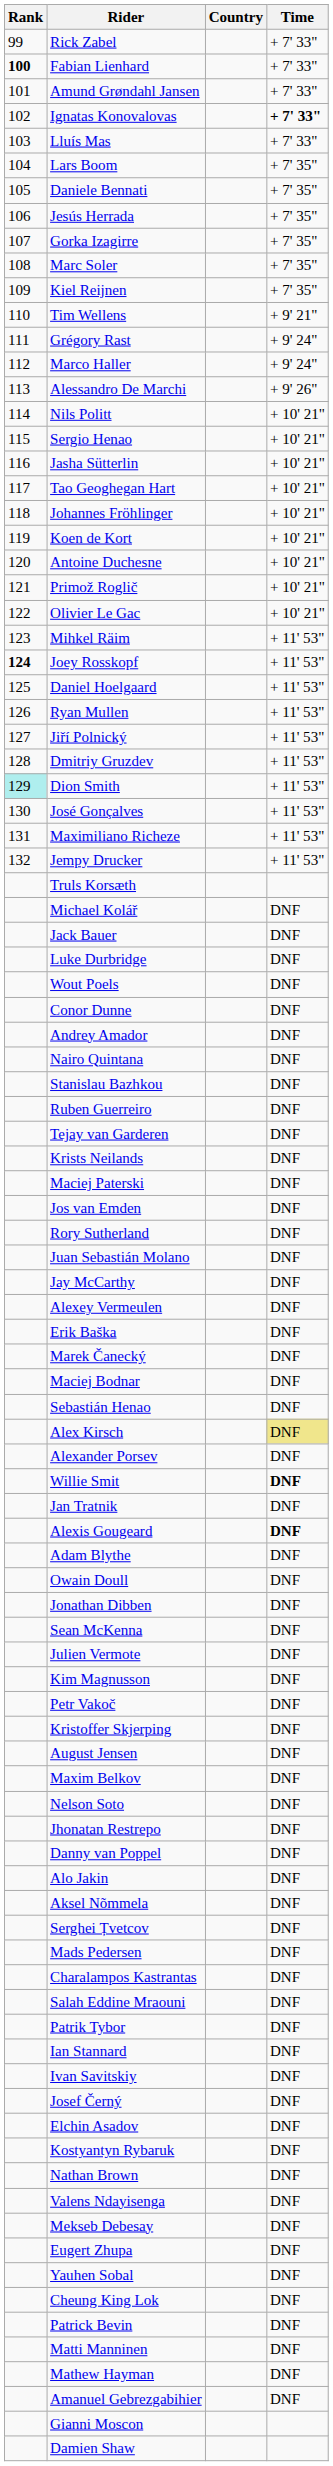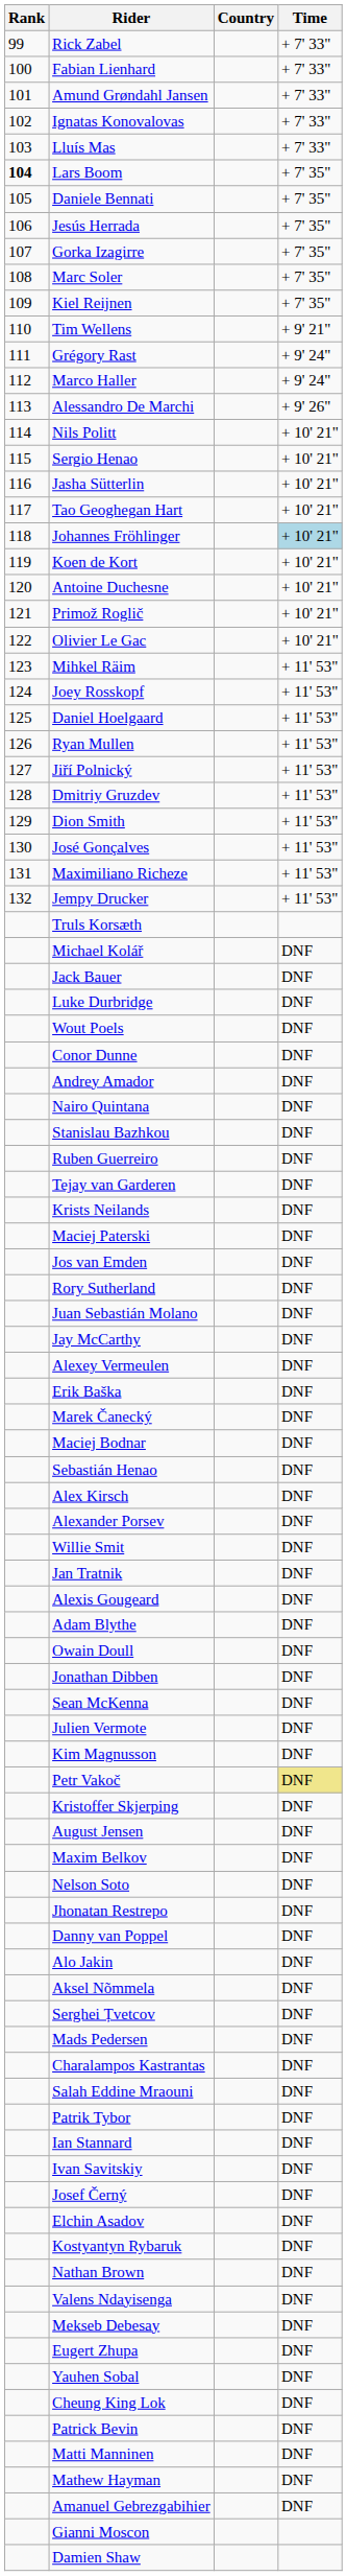 <table class="wikitable" style="font-size:95%; text-align:left;">
 <tr>
 <th>Rank</th>
 <th>Rider</th>
 <th>Country</th>
 <th>Time</th>
 </tr>
 <tr>
 <td>99</td>
 <td><a href='#'>Rick Zabel</a></td>
 <td></td>
 <td>+ 7' 33"</td>
 </tr>
 <tr>
-<td><strong>100</strong></td>
+<td>100</td>
 <td><a href='#'>Fabian Lienhard</a></td>
 <td></td>
 <td>+ 7' 33"</td>
 </tr>
 <tr>
 <td>101</td>
 <td><a href='#'>Amund Grøndahl Jansen</a></td>
 <td></td>
 <td>+ 7' 33"</td>
 </tr>
 <tr>
 <td>102</td>
 <td><a href='#'>Ignatas Konovalovas</a></td>
 <td></td>
-<td><strong>+ 7' 33"</strong></td>
+<td>+ 7' 33"</td>
 </tr>
 <tr>
 <td>103</td>
 <td><a href='#'>Lluís Mas</a></td>
 <td></td>
 <td>+ 7' 33"</td>
 </tr>
 <tr>
-<td>104</td>
+<td><strong>104</strong></td>
 <td><a href='#'>Lars Boom</a></td>
 <td></td>
 <td>+ 7' 35"</td>
 </tr>
 <tr>
 <td>105</td>
 <td><a href='#'>Daniele Bennati</a></td>
 <td></td>
 <td>+ 7' 35"</td>
 </tr>
 <tr>
 <td>106</td>
 <td><a href='#'>Jesús Herrada</a></td>
 <td></td>
 <td>+ 7' 35"</td>
 </tr>
 <tr>
 <td>107</td>
 <td><a href='#'>Gorka Izagirre</a></td>
 <td></td>
 <td>+ 7' 35"</td>
 </tr>
 <tr>
 <td>108</td>
 <td><a href='#'>Marc Soler</a></td>
 <td></td>
 <td>+ 7' 35"</td>
 </tr>
 <tr>
 <td>109</td>
 <td><a href='#'>Kiel Reijnen</a></td>
 <td></td>
 <td>+ 7' 35"</td>
 </tr>
 <tr>
 <td>110</td>
 <td><a href='#'>Tim Wellens</a></td>
 <td></td>
 <td>+ 9' 21"</td>
 </tr>
 <tr>
 <td>111</td>
 <td><a href='#'>Grégory Rast</a></td>
 <td></td>
 <td>+ 9' 24"</td>
 </tr>
 <tr>
 <td>112</td>
 <td><a href='#'>Marco Haller</a></td>
 <td></td>
 <td>+ 9' 24"</td>
 </tr>
 <tr>
 <td>113</td>
 <td><a href='#'>Alessandro De Marchi</a></td>
 <td></td>
 <td>+ 9' 26"</td>
 </tr>
 <tr>
 <td>114</td>
 <td><a href='#'>Nils Politt</a></td>
 <td></td>
 <td>+ 10' 21"</td>
 </tr>
 <tr>
 <td>115</td>
 <td><a href='#'>Sergio Henao</a></td>
 <td></td>
 <td>+ 10' 21"</td>
 </tr>
 <tr>
 <td>116</td>
 <td><a href='#'>Jasha Sütterlin</a></td>
 <td></td>
 <td>+ 10' 21"</td>
 </tr>
 <tr>
 <td>117</td>
 <td><a href='#'>Tao Geoghegan Hart</a></td>
 <td></td>
 <td>+ 10' 21"</td>
 </tr>
 <tr>
 <td>118</td>
 <td><a href='#'>Johannes Fröhlinger</a></td>
 <td></td>
-<td>+ 10' 21"</td>
+<td style="background: lightblue;">+ 10' 21"</td>
 </tr>
 <tr>
 <td>119</td>
 <td><a href='#'>Koen de Kort</a></td>
 <td></td>
 <td>+ 10' 21"</td>
 </tr>
 <tr>
 <td>120</td>
 <td><a href='#'>Antoine Duchesne</a></td>
 <td></td>
 <td>+ 10' 21"</td>
 </tr>
 <tr>
 <td>121</td>
 <td><a href='#'>Primož Roglič</a></td>
 <td></td>
 <td>+ 10' 21"</td>
 </tr>
 <tr>
 <td>122</td>
 <td><a href='#'>Olivier Le Gac</a></td>
 <td></td>
 <td>+ 10' 21"</td>
 </tr>
 <tr>
 <td>123</td>
 <td><a href='#'>Mihkel Räim</a></td>
 <td></td>
 <td>+ 11' 53"</td>
 </tr>
 <tr>
-<td><strong>124</strong></td>
+<td>124</td>
 <td><a href='#'>Joey Rosskopf</a></td>
 <td></td>
 <td>+ 11' 53"</td>
 </tr>
 <tr>
 <td>125</td>
 <td><a href='#'>Daniel Hoelgaard</a></td>
 <td></td>
 <td>+ 11' 53"</td>
 </tr>
 <tr>
 <td>126</td>
 <td><a href='#'>Ryan Mullen</a></td>
 <td></td>
 <td>+ 11' 53"</td>
 </tr>
 <tr>
 <td>127</td>
 <td><a href='#'>Jiří Polnický</a></td>
 <td></td>
 <td>+ 11' 53"</td>
 </tr>
 <tr>
 <td>128</td>
 <td><a href='#'>Dmitriy Gruzdev</a></td>
 <td></td>
 <td>+ 11' 53"</td>
 </tr>
 <tr>
-<td style="background: paleturquoise;">129</td>
+<td>129</td>
 <td><a href='#'>Dion Smith</a></td>
 <td></td>
 <td>+ 11' 53"</td>
 </tr>
 <tr>
 <td>130</td>
 <td><a href='#'>José Gonçalves</a></td>
 <td></td>
 <td>+ 11' 53"</td>
 </tr>
 <tr>
 <td>131</td>
 <td><a href='#'>Maximiliano Richeze</a></td>
 <td></td>
 <td>+ 11' 53"</td>
 </tr>
 <tr>
 <td>132</td>
 <td><a href='#'>Jempy Drucker</a></td>
 <td></td>
 <td>+ 11' 53"</td>
 </tr>
 <tr>
 <td></td>
 <td><a href='#'>Truls Korsæth</a></td>
 <td></td>
 <td></td>
 </tr>
 <tr>
 <td></td>
 <td><a href='#'>Michael Kolář</a></td>
 <td></td>
 <td>DNF</td>
 </tr>
 <tr>
 <td></td>
 <td><a href='#'>Jack Bauer</a></td>
 <td></td>
 <td>DNF</td>
 </tr>
 <tr>
 <td></td>
 <td><a href='#'>Luke Durbridge</a></td>
 <td></td>
 <td>DNF</td>
 </tr>
 <tr>
 <td></td>
 <td><a href='#'>Wout Poels</a></td>
 <td></td>
 <td>DNF</td>
 </tr>
 <tr>
 <td></td>
 <td><a href='#'>Conor Dunne</a></td>
 <td></td>
 <td>DNF</td>
 </tr>
 <tr>
 <td></td>
 <td><a href='#'>Andrey Amador</a></td>
 <td></td>
 <td>DNF</td>
 </tr>
 <tr>
 <td></td>
 <td><a href='#'>Nairo Quintana</a></td>
 <td></td>
 <td>DNF</td>
 </tr>
 <tr>
 <td></td>
 <td><a href='#'>Stanislau Bazhkou</a></td>
 <td></td>
 <td>DNF</td>
 </tr>
 <tr>
 <td></td>
 <td><a href='#'>Ruben Guerreiro</a></td>
 <td></td>
 <td>DNF</td>
 </tr>
 <tr>
 <td></td>
 <td><a href='#'>Tejay van Garderen</a></td>
 <td></td>
 <td>DNF</td>
 </tr>
 <tr>
 <td></td>
 <td><a href='#'>Krists Neilands</a></td>
 <td></td>
 <td>DNF</td>
 </tr>
 <tr>
 <td></td>
 <td><a href='#'>Maciej Paterski</a></td>
 <td></td>
 <td>DNF</td>
 </tr>
 <tr>
 <td></td>
 <td><a href='#'>Jos van Emden</a></td>
 <td></td>
 <td>DNF</td>
 </tr>
 <tr>
 <td></td>
 <td><a href='#'>Rory Sutherland</a></td>
 <td></td>
 <td>DNF</td>
 </tr>
 <tr>
 <td></td>
 <td><a href='#'>Juan Sebastián Molano</a></td>
 <td></td>
 <td>DNF</td>
 </tr>
 <tr>
 <td></td>
 <td><a href='#'>Jay McCarthy</a></td>
 <td></td>
 <td>DNF</td>
 </tr>
 <tr>
 <td></td>
 <td><a href='#'>Alexey Vermeulen</a></td>
 <td></td>
 <td>DNF</td>
 </tr>
 <tr>
 <td></td>
 <td><a href='#'>Erik Baška</a></td>
 <td></td>
 <td>DNF</td>
 </tr>
 <tr>
 <td></td>
 <td><a href='#'>Marek Čanecký</a></td>
 <td></td>
 <td>DNF</td>
 </tr>
 <tr>
 <td></td>
 <td><a href='#'>Maciej Bodnar</a></td>
 <td></td>
 <td>DNF</td>
 </tr>
 <tr>
 <td></td>
 <td><a href='#'>Sebastián Henao</a></td>
 <td></td>
 <td>DNF</td>
 </tr>
 <tr>
 <td></td>
 <td><a href='#'>Alex Kirsch</a></td>
 <td></td>
-<td style="background: khaki;">DNF</td>
+<td>DNF</td>
 </tr>
 <tr>
 <td></td>
 <td><a href='#'>Alexander Porsev</a></td>
 <td></td>
 <td>DNF</td>
 </tr>
 <tr>
 <td></td>
 <td><a href='#'>Willie Smit</a></td>
 <td></td>
-<td><strong>DNF</strong></td>
+<td>DNF</td>
 </tr>
 <tr>
 <td></td>
 <td><a href='#'>Jan Tratnik</a></td>
 <td></td>
 <td>DNF</td>
 </tr>
 <tr>
 <td></td>
 <td><a href='#'>Alexis Gougeard</a></td>
 <td></td>
-<td><strong>DNF</strong></td>
+<td>DNF</td>
 </tr>
 <tr>
 <td></td>
 <td><a href='#'>Adam Blythe</a></td>
 <td></td>
 <td>DNF</td>
 </tr>
 <tr>
 <td></td>
 <td><a href='#'>Owain Doull</a></td>
 <td></td>
 <td>DNF</td>
 </tr>
 <tr>
 <td></td>
 <td><a href='#'>Jonathan Dibben</a></td>
 <td></td>
 <td>DNF</td>
 </tr>
 <tr>
 <td></td>
 <td><a href='#'>Sean McKenna</a></td>
 <td></td>
 <td>DNF</td>
 </tr>
 <tr>
 <td></td>
 <td><a href='#'>Julien Vermote</a></td>
 <td></td>
 <td>DNF</td>
 </tr>
 <tr>
 <td></td>
 <td><a href='#'>Kim Magnusson</a></td>
 <td></td>
 <td>DNF</td>
 </tr>
 <tr>
 <td></td>
 <td><a href='#'>Petr Vakoč</a></td>
 <td></td>
-<td>DNF</td>
+<td style="background: khaki;">DNF</td>
 </tr>
 <tr>
 <td></td>
 <td><a href='#'>Kristoffer Skjerping</a></td>
 <td></td>
 <td>DNF</td>
 </tr>
 <tr>
 <td></td>
 <td><a href='#'>August Jensen</a></td>
 <td></td>
 <td>DNF</td>
 </tr>
 <tr>
 <td></td>
 <td><a href='#'>Maxim Belkov</a></td>
 <td></td>
 <td>DNF</td>
 </tr>
 <tr>
 <td></td>
 <td><a href='#'>Nelson Soto</a></td>
 <td></td>
 <td>DNF</td>
 </tr>
 <tr>
 <td></td>
 <td><a href='#'>Jhonatan Restrepo</a></td>
 <td></td>
 <td>DNF</td>
 </tr>
 <tr>
 <td></td>
 <td><a href='#'>Danny van Poppel</a></td>
 <td></td>
 <td>DNF</td>
 </tr>
 <tr>
 <td></td>
 <td><a href='#'>Alo Jakin</a></td>
 <td></td>
 <td>DNF</td>
 </tr>
 <tr>
 <td></td>
 <td><a href='#'>Aksel Nõmmela</a></td>
 <td></td>
 <td>DNF</td>
 </tr>
 <tr>
 <td></td>
 <td><a href='#'>Serghei Țvetcov</a></td>
 <td></td>
 <td>DNF</td>
 </tr>
 <tr>
 <td></td>
 <td><a href='#'>Mads Pedersen</a></td>
 <td></td>
 <td>DNF</td>
 </tr>
 <tr>
 <td></td>
 <td><a href='#'>Charalampos Kastrantas</a></td>
 <td></td>
 <td>DNF</td>
 </tr>
 <tr>
 <td></td>
 <td><a href='#'>Salah Eddine Mraouni</a></td>
 <td></td>
 <td>DNF</td>
 </tr>
 <tr>
 <td></td>
 <td><a href='#'>Patrik Tybor</a></td>
 <td></td>
 <td>DNF</td>
 </tr>
 <tr>
 <td></td>
 <td><a href='#'>Ian Stannard</a></td>
 <td></td>
 <td>DNF</td>
 </tr>
 <tr>
 <td></td>
 <td><a href='#'>Ivan Savitskiy</a></td>
 <td></td>
 <td>DNF</td>
 </tr>
 <tr>
 <td></td>
 <td><a href='#'>Josef Černý</a></td>
 <td></td>
 <td>DNF</td>
 </tr>
 <tr>
 <td></td>
 <td><a href='#'>Elchin Asadov</a></td>
 <td></td>
 <td>DNF</td>
 </tr>
 <tr>
 <td></td>
 <td><a href='#'>Kostyantyn Rybaruk</a></td>
 <td></td>
 <td>DNF</td>
 </tr>
 <tr>
 <td></td>
 <td><a href='#'>Nathan Brown</a></td>
 <td></td>
 <td>DNF</td>
 </tr>
 <tr>
 <td></td>
 <td><a href='#'>Valens Ndayisenga</a></td>
 <td></td>
 <td>DNF</td>
 </tr>
 <tr>
 <td></td>
 <td><a href='#'>Mekseb Debesay</a></td>
 <td></td>
 <td>DNF</td>
 </tr>
 <tr>
 <td></td>
 <td><a href='#'>Eugert Zhupa</a></td>
 <td></td>
 <td>DNF</td>
 </tr>
 <tr>
 <td></td>
 <td><a href='#'>Yauhen Sobal</a></td>
 <td></td>
 <td>DNF</td>
 </tr>
 <tr>
 <td></td>
 <td><a href='#'>Cheung King Lok</a></td>
 <td></td>
 <td>DNF</td>
 </tr>
 <tr>
 <td></td>
 <td><a href='#'>Patrick Bevin</a></td>
 <td></td>
 <td>DNF</td>
 </tr>
 <tr>
 <td></td>
 <td><a href='#'>Matti Manninen</a></td>
 <td></td>
 <td>DNF</td>
 </tr>
 <tr>
 <td></td>
 <td><a href='#'>Mathew Hayman</a></td>
 <td></td>
 <td>DNF</td>
 </tr>
 <tr>
 <td></td>
 <td><a href='#'>Amanuel Gebrezgabihier</a></td>
 <td></td>
 <td>DNF</td>
 </tr>
 <tr>
 <td></td>
 <td><a href='#'>Gianni Moscon</a></td>
 <td></td>
 <td></td>
 </tr>
 <tr>
 <td></td>
 <td><a href='#'>Damien Shaw</a></td>
 <td></td>
 <td></td>
 </tr>
 </table>
